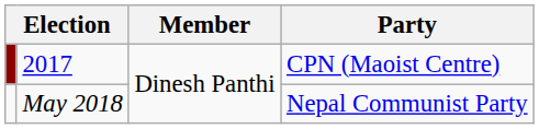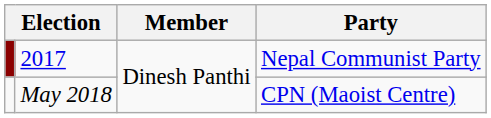 <table class="wikitable">
 <tr>
 <th colspan="2">Election</th>
 <th>Member</th>
 <th>Party</th>
 </tr>
 <tr>
 <td style="background-color:darkred"></td>
 <td><a href='#'>2017</a></td>
 <td rowspan="2">Dinesh Panthi</td>
-<td><a href='#'>CPN (Maoist Centre)</a></td>
+<td><a href='#'>Nepal Communist Party</a></td>
 </tr>
 <tr>
 <td style="background-color:"></td>
 <td><em>May 2018</em></td>
-<td><a href='#'>Nepal Communist Party</a></td>
+<td><a href='#'>CPN (Maoist Centre)</a></td>
 </tr>
 </table>
